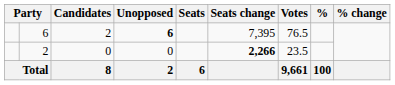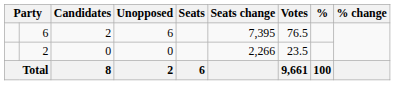 <table class="wikitable sortable">
 <tr>
 <th colspan=2>Party</th>
 <th>Candidates</th>
 <th>Unopposed</th>
 <th>Seats</th>
 <th>Seats change</th>
 <th>Votes</th>
 <th>%</th>
 <th>% change</th>
 </tr>
 <tr>
 <td></td>
 <td align=right>6</td>
 <td align=right>2</td>
-<td align=right><strong>6</strong></td>
+<td align=right>6</td>
 <td align=right></td>
 <td align=right>7,395</td>
 <td align=right>76.5</td>
 <td align=right></td>
 </tr>
 <tr>
 <td></td>
 <td align=right>2</td>
 <td align=right>0</td>
 <td align=right>0</td>
 <td align=right></td>
-<td align=right><strong>2,266</strong></td>
+<td align=right>2,266</td>
 <td align=right>23.5</td>
 <td align=right></td>
 </tr>
 <tr class="sortbottom" style="font-weight: bold; text-align: right; background: #f2f2f2;">
 <th colspan="2" style="padding-left: 1.5em; text-align: left;">Total</th>
 <td align=right>8</td>
 <td align=right>2</td>
 <td align=right>6</td>
 <td align=right></td>
 <td align=right>9,661</td>
 <td align=right>100</td>
 <td align=right></td>
 </tr>
 </table>
